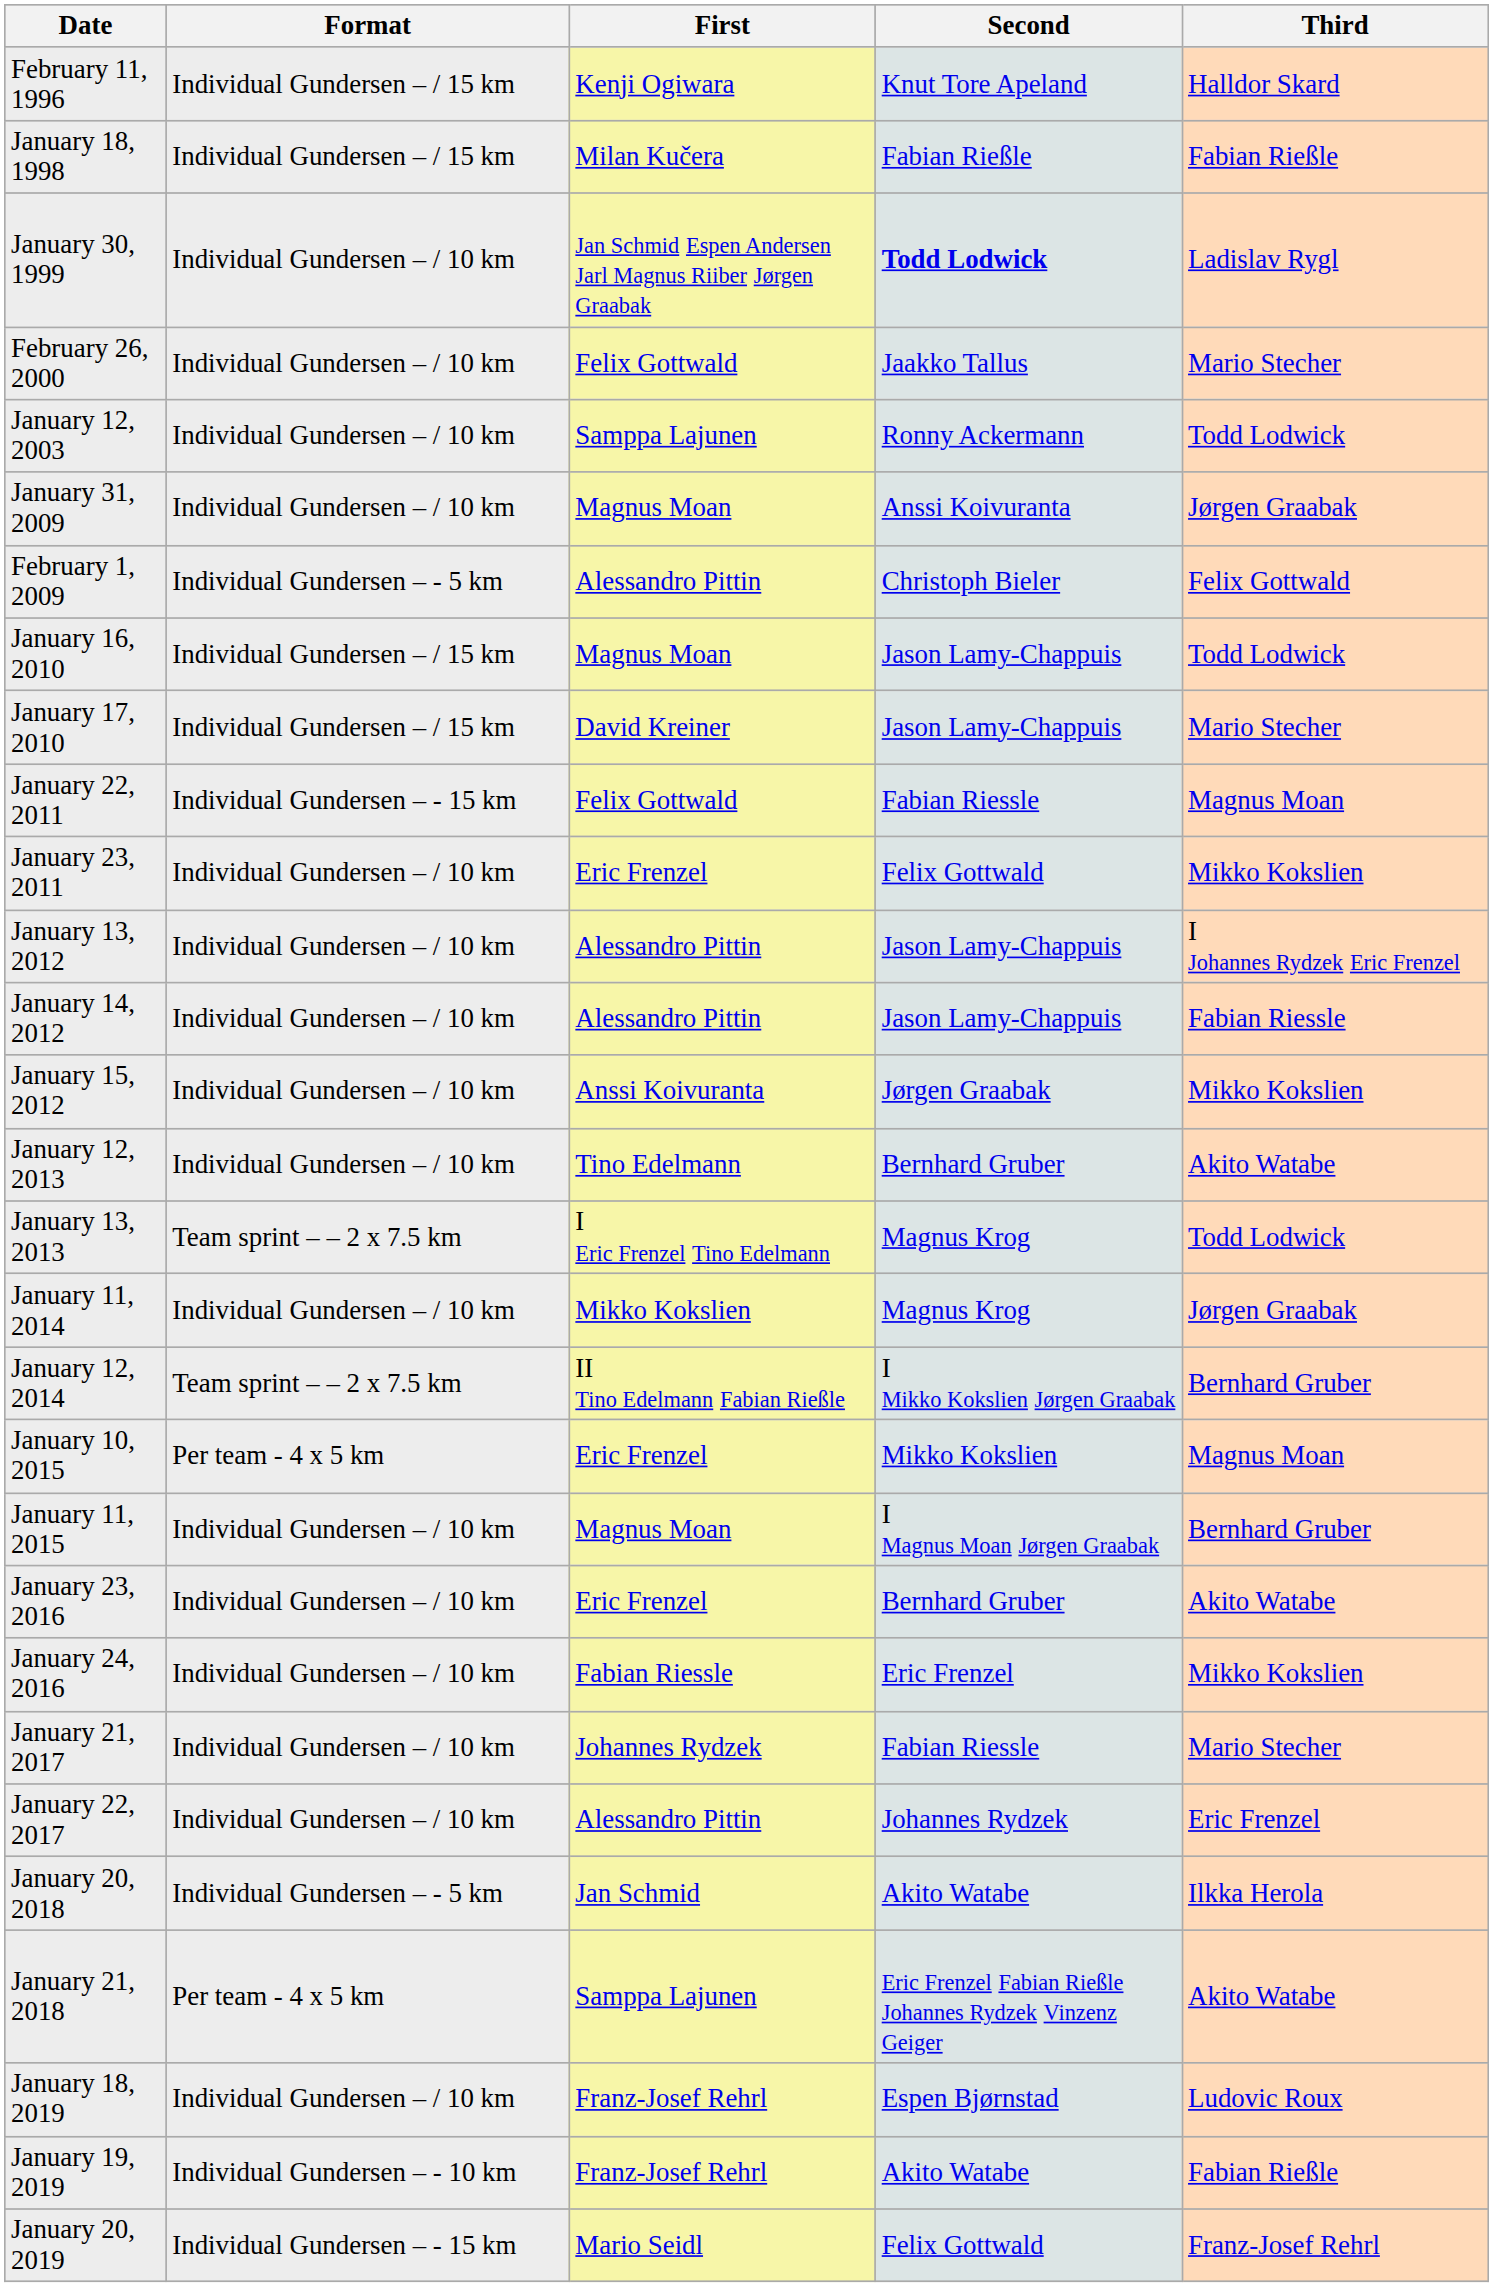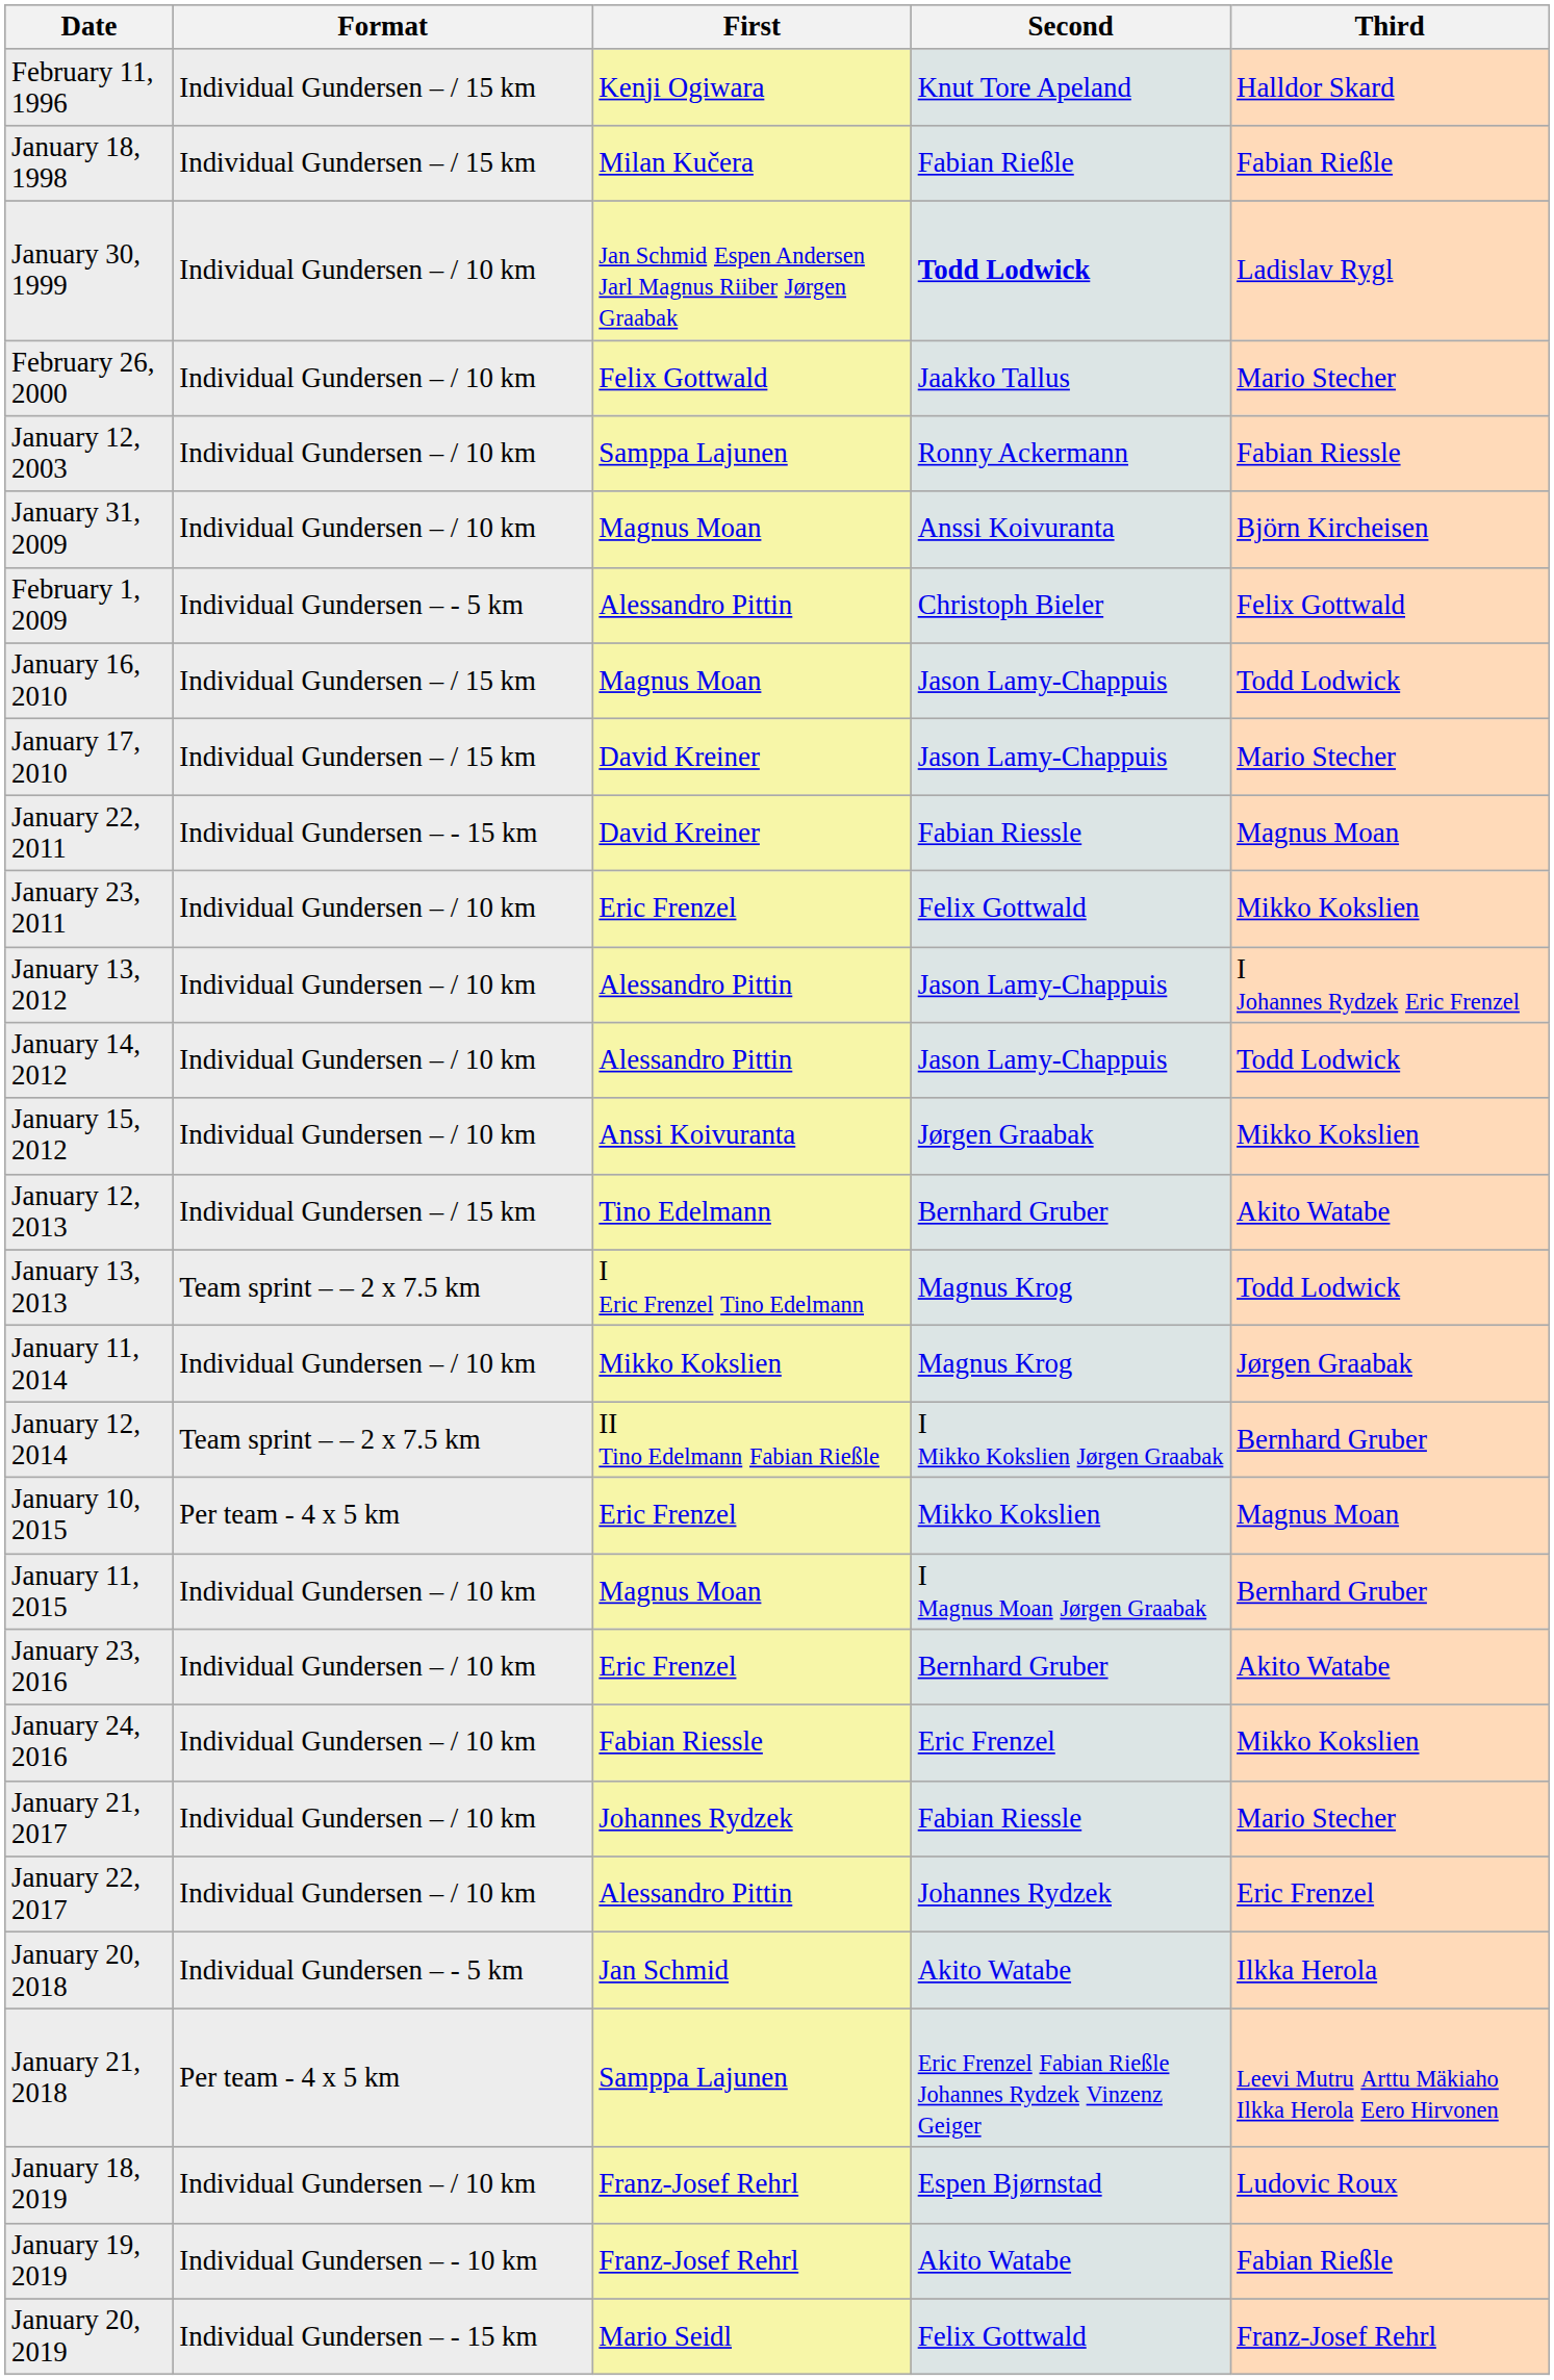 <table class="wikitable sortable" style=" width:100%;">
 <tr>
 <th scope="col" style="width:10%;">Date</th>
 <th scope="col" style="width:25%;">Format</th>
 <th scope="col" style="width:19%;" class="unsortable">First</th>
 <th scope="col" style="width:19%;" class="unsortable">Second</th>
 <th scope="col" style="width:19%;" class="unsortable">Third</th>
 </tr>
 <tr bgcolor="#EDEDED">
 <td>February 11, 1996</td>
 <td>Individual Gundersen –  / 15 km</td>
 <td bgcolor="#F7F6A8"> <a href='#'>Kenji Ogiwara</a></td>
 <td bgcolor="#DCE5E5"> <a href='#'>Knut Tore Apeland</a></td>
 <td bgcolor="#FFDAB9"> <a href='#'>Halldor Skard</a></td>
 </tr>
 <tr bgcolor="#EDEDED">
 <td>January 18, 1998</td>
 <td>Individual Gundersen –  / 15 km</td>
 <td bgcolor="#F7F6A8"> <a href='#'>Milan Kučera</a></td>
 <td bgcolor="#DCE5E5"> <a href='#'>Fabian Rießle</a></td>
 <td bgcolor="#FFDAB9"> <a href='#'>Fabian Rießle</a></td>
 </tr>
 <tr bgcolor="#EDEDED">
 <td>January 30, 1999</td>
 <td>Individual Gundersen –  / 10 km</td>
 <td bgcolor="#F7F6A8"><br><a href='#'><small>Jan Schmid</small></a> <a href='#'><small>Espen Andersen</small></a>  <a href='#'><small>Jarl Magnus Riiber</small></a> <a href='#'><small>Jørgen Graabak</small></a></td>
 <td bgcolor="#DCE5E5"><strong> <a href='#'>Todd Lodwick</a></strong></td>
 <td bgcolor="#FFDAB9"> <a href='#'>Ladislav Rygl</a></td>
 </tr>
 <tr bgcolor="#EDEDED">
 <td>February 26, 2000</td>
 <td>Individual Gundersen –  / 10 km</td>
 <td bgcolor="#F7F6A8"> <a href='#'>Felix Gottwald</a></td>
 <td bgcolor="#DCE5E5"> <a href='#'>Jaakko Tallus</a></td>
 <td bgcolor="#FFDAB9"> <a href='#'>Mario Stecher</a></td>
 </tr>
 <tr bgcolor="#EDEDED">
 <td>January 12, 2003</td>
 <td>Individual Gundersen –  / 10 km</td>
 <td bgcolor="#F7F6A8"> <a href='#'>Samppa Lajunen</a></td>
 <td bgcolor="#DCE5E5"> <a href='#'>Ronny Ackermann</a></td>
-<td bgcolor="#FFDAB9"> <a href='#'>Todd Lodwick</a></td>
+<td bgcolor="#FFDAB9"> <a href='#'>Fabian Riessle</a></td>
 </tr>
 <tr bgcolor="#EDEDED">
 <td>January 31, 2009</td>
 <td>Individual Gundersen –  / 10 km</td>
 <td bgcolor="#F7F6A8"> <a href='#'>Magnus Moan</a></td>
 <td bgcolor="#DCE5E5"> <a href='#'>Anssi Koivuranta</a></td>
-<td bgcolor="#FFDAB9"> <a href='#'>Jørgen Graabak</a></td>
+<td bgcolor="#FFDAB9"> <a href='#'>Björn Kircheisen</a></td>
 </tr>
 <tr bgcolor="#EDEDED">
 <td>February 1, 2009</td>
 <td>Individual Gundersen –  - 5 km</td>
 <td bgcolor="#F7F6A8"> <a href='#'>Alessandro Pittin</a></td>
 <td bgcolor="#DCE5E5"> <a href='#'>Christoph Bieler</a></td>
 <td bgcolor="#FFDAB9"> <a href='#'>Felix Gottwald</a></td>
 </tr>
 <tr bgcolor="#EDEDED">
 <td>January 16, 2010</td>
 <td>Individual Gundersen –  / 15 km</td>
 <td bgcolor="#F7F6A8"> <a href='#'>Magnus Moan</a></td>
 <td bgcolor="#DCE5E5"> <a href='#'>Jason Lamy-Chappuis</a></td>
 <td bgcolor="#FFDAB9"> <a href='#'>Todd Lodwick</a></td>
 </tr>
 <tr bgcolor="#EDEDED">
 <td>January 17, 2010</td>
 <td>Individual Gundersen –  / 15 km</td>
 <td bgcolor="#F7F6A8"> <a href='#'>David Kreiner</a></td>
 <td bgcolor="#DCE5E5"> <a href='#'>Jason Lamy-Chappuis</a></td>
 <td bgcolor="#FFDAB9"> <a href='#'>Mario Stecher</a></td>
 </tr>
 <tr bgcolor="#EDEDED">
 <td>January 22, 2011</td>
 <td>Individual Gundersen –  - 15 km</td>
-<td bgcolor="#F7F6A8"> <a href='#'>Felix Gottwald</a></td>
+<td bgcolor="#F7F6A8"> <a href='#'>David Kreiner</a></td>
 <td bgcolor="#DCE5E5"> <a href='#'>Fabian Riessle</a></td>
 <td bgcolor="#FFDAB9"> <a href='#'>Magnus Moan</a></td>
 </tr>
 <tr bgcolor="#EDEDED">
 <td>January 23, 2011</td>
 <td>Individual Gundersen –  / 10 km</td>
 <td bgcolor="#F7F6A8"> <a href='#'>Eric Frenzel</a></td>
 <td bgcolor="#DCE5E5"> <a href='#'>Felix Gottwald</a></td>
 <td bgcolor="#FFDAB9"> <a href='#'>Mikko Kokslien</a></td>
 </tr>
 <tr bgcolor="#EDEDED">
 <td>January 13, 2012</td>
 <td>Individual Gundersen –  / 10 km</td>
 <td bgcolor="#F7F6A8"> <a href='#'>Alessandro Pittin</a></td>
 <td bgcolor="#DCE5E5"> <a href='#'>Jason Lamy-Chappuis</a></td>
 <td bgcolor="#FFDAB9"> I<br><a href='#'><small>Johannes Rydzek</small></a> <a href='#'><small>Eric Frenzel</small></a></td>
 </tr>
 <tr bgcolor="#EDEDED">
 <td>January 14, 2012</td>
 <td>Individual Gundersen –  / 10 km</td>
 <td bgcolor="#F7F6A8"> <a href='#'>Alessandro Pittin</a></td>
 <td bgcolor="#DCE5E5"> <a href='#'>Jason Lamy-Chappuis</a></td>
-<td bgcolor="#FFDAB9"> <a href='#'>Fabian Riessle</a></td>
+<td bgcolor="#FFDAB9"> <a href='#'>Todd Lodwick</a></td>
 </tr>
 <tr bgcolor="#EDEDED">
 <td>January 15, 2012</td>
 <td>Individual Gundersen –  / 10 km</td>
 <td bgcolor="#F7F6A8"> <a href='#'>Anssi Koivuranta</a></td>
 <td bgcolor="#DCE5E5"> <a href='#'>Jørgen Graabak</a></td>
 <td bgcolor="#FFDAB9"> <a href='#'>Mikko Kokslien</a></td>
 </tr>
 <tr bgcolor="#EDEDED">
 <td>January 12, 2013</td>
-<td>Individual Gundersen –  / 10 km</td>
+<td>Individual Gundersen –  / 15 km</td>
 <td bgcolor="#F7F6A8"> <a href='#'>Tino Edelmann</a></td>
 <td bgcolor="#DCE5E5"> <a href='#'>Bernhard Gruber</a></td>
 <td bgcolor="#FFDAB9"> <a href='#'>Akito Watabe</a></td>
 </tr>
 <tr bgcolor="#EDEDED">
 <td>January 13, 2013</td>
 <td>Team sprint –  – 2 x 7.5 km</td>
 <td bgcolor="#F7F6A8"> I<br><a href='#'><small>Eric Frenzel</small></a> <a href='#'><small>Tino Edelmann</small></a></td>
 <td bgcolor="#DCE5E5"> <a href='#'>Magnus Krog</a></td>
 <td bgcolor="#FFDAB9"> <a href='#'>Todd Lodwick</a></td>
 </tr>
 <tr bgcolor="#EDEDED">
 <td>January 11, 2014</td>
 <td>Individual Gundersen –  / 10 km</td>
 <td bgcolor="#F7F6A8"> <a href='#'>Mikko Kokslien</a></td>
 <td bgcolor="#DCE5E5"> <a href='#'>Magnus Krog</a></td>
 <td bgcolor="#FFDAB9"> <a href='#'>Jørgen Graabak</a></td>
 </tr>
 <tr bgcolor="#EDEDED">
 <td>January 12, 2014</td>
 <td>Team sprint –  – 2 x 7.5 km</td>
 <td bgcolor="#F7F6A8"> II<br><a href='#'><small>Tino Edelmann</small></a> <a href='#'><small>Fabian Rießle</small></a></td>
 <td bgcolor="#DCE5E5"> I<br><a href='#'><small>Mikko Kokslien</small></a> <a href='#'><small>Jørgen Graabak</small></a></td>
 <td bgcolor="#FFDAB9"> <a href='#'>Bernhard Gruber</a></td>
 </tr>
 <tr bgcolor="#EDEDED">
 <td>January 10, 2015</td>
 <td>Per team  - 4 x 5 km</td>
 <td bgcolor="#F7F6A8"> <a href='#'>Eric Frenzel</a></td>
 <td bgcolor="#DCE5E5"> <a href='#'>Mikko Kokslien</a></td>
 <td bgcolor="#FFDAB9"> <a href='#'>Magnus Moan</a></td>
 </tr>
 <tr bgcolor="#EDEDED">
 <td>January 11, 2015</td>
 <td>Individual Gundersen –  / 10 km</td>
 <td bgcolor="#F7F6A8"> <a href='#'>Magnus Moan</a></td>
 <td bgcolor="#DCE5E5"> I<br><a href='#'><small>Magnus Moan</small></a> <a href='#'><small>Jørgen Graabak</small></a></td>
 <td bgcolor="#FFDAB9"> <a href='#'>Bernhard Gruber</a></td>
 </tr>
 <tr bgcolor="#EDEDED">
 <td>January 23, 2016</td>
 <td>Individual Gundersen –  / 10 km</td>
 <td bgcolor="#F7F6A8"> <a href='#'>Eric Frenzel</a></td>
 <td bgcolor="#DCE5E5"> <a href='#'>Bernhard Gruber</a></td>
 <td bgcolor="#FFDAB9"> <a href='#'>Akito Watabe</a></td>
 </tr>
 <tr bgcolor="#EDEDED">
 <td>January 24, 2016</td>
 <td>Individual Gundersen –  / 10 km</td>
 <td bgcolor="#F7F6A8"> <a href='#'>Fabian Riessle</a></td>
 <td bgcolor="#DCE5E5"> <a href='#'>Eric Frenzel</a></td>
 <td bgcolor="#FFDAB9"> <a href='#'>Mikko Kokslien</a></td>
 </tr>
 <tr bgcolor="#EDEDED">
 <td>January 21, 2017</td>
 <td>Individual Gundersen –  / 10 km</td>
 <td bgcolor="#F7F6A8"> <a href='#'>Johannes Rydzek</a></td>
 <td bgcolor="#DCE5E5"> <a href='#'>Fabian Riessle</a></td>
 <td bgcolor="#FFDAB9"> <a href='#'>Mario Stecher</a></td>
 </tr>
 <tr bgcolor="#EDEDED">
 <td>January 22, 2017</td>
 <td>Individual Gundersen –  / 10 km</td>
 <td bgcolor="#F7F6A8"> <a href='#'>Alessandro Pittin</a></td>
 <td bgcolor="#DCE5E5"> <a href='#'>Johannes Rydzek</a></td>
 <td bgcolor="#FFDAB9"> <a href='#'>Eric Frenzel</a></td>
 </tr>
 <tr bgcolor="#EDEDED">
 <td>January 20, 2018</td>
 <td>Individual Gundersen –  - 5 km</td>
 <td bgcolor="#F7F6A8"> <a href='#'>Jan Schmid</a></td>
 <td bgcolor="#DCE5E5"> <a href='#'>Akito Watabe</a></td>
 <td bgcolor="#FFDAB9"> <a href='#'>Ilkka Herola</a></td>
 </tr>
 <tr bgcolor="#EDEDED">
 <td>January 21, 2018</td>
 <td>Per team  - 4 x 5 km</td>
 <td bgcolor="#F7F6A8"> <a href='#'>Samppa Lajunen</a></td>
 <td bgcolor="#DCE5E5"><br><a href='#'><small>Eric Frenzel</small></a> <a href='#'><small>Fabian Rießle</small></a> <a href='#'><small>Johannes Rydzek</small></a> <a href='#'><small>Vinzenz Geiger</small></a></td>
-<td bgcolor="#FFDAB9"> <a href='#'>Akito Watabe</a></td>
+<td bgcolor="#FFDAB9"><br><a href='#'><small>Leevi Mutru</small></a> <a href='#'><small>Arttu Mäkiaho</small></a> <a href='#'><small>Ilkka Herola</small></a> <a href='#'><small>Eero Hirvonen</small></a></td>
 </tr>
 <tr bgcolor="#EDEDED">
 <td>January 18, 2019</td>
 <td>Individual Gundersen –  / 10 km</td>
 <td bgcolor="#F7F6A8"> <a href='#'>Franz-Josef Rehrl</a></td>
 <td bgcolor="#DCE5E5"> <a href='#'>Espen Bjørnstad</a></td>
 <td bgcolor="#FFDAB9"> <a href='#'>Ludovic Roux</a></td>
 </tr>
 <tr bgcolor="#EDEDED">
 <td>January 19, 2019</td>
 <td>Individual Gundersen –  - 10 km</td>
 <td bgcolor="#F7F6A8"> <a href='#'>Franz-Josef Rehrl</a></td>
 <td bgcolor="#DCE5E5"> <a href='#'>Akito Watabe</a></td>
 <td bgcolor="#FFDAB9"> <a href='#'>Fabian Rießle</a></td>
 </tr>
 <tr bgcolor="#EDEDED">
 <td>January 20, 2019</td>
 <td>Individual Gundersen –  - 15 km</td>
 <td bgcolor="#F7F6A8"> <a href='#'>Mario Seidl</a></td>
 <td bgcolor="#DCE5E5"> <a href='#'>Felix Gottwald</a></td>
 <td bgcolor="#FFDAB9"> <a href='#'>Franz-Josef Rehrl</a></td>
 </tr>
 </table>
